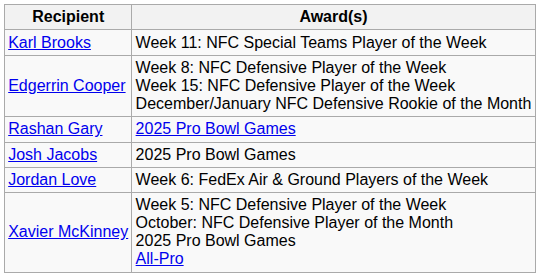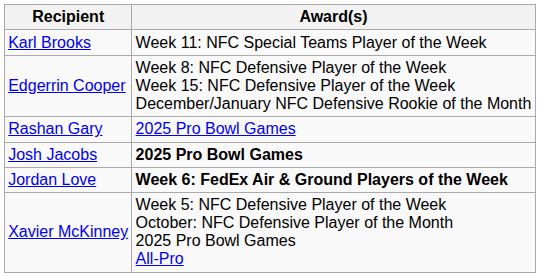 <table class="wikitable">
 <tr>
 <th>Recipient</th>
 <th>Award(s)</th>
 </tr>
 <tr>
 <td><a href='#'>Karl Brooks</a></td>
 <td>Week 11: NFC Special Teams Player of the Week</td>
 </tr>
 <tr>
 <td><a href='#'>Edgerrin Cooper</a></td>
 <td>Week 8: NFC Defensive Player of the Week<br>Week 15: NFC Defensive Player of the Week<br>December/January NFC Defensive Rookie of the Month</td>
 </tr>
 <tr>
 <td><a href='#'>Rashan Gary</a></td>
 <td><a href='#'>2025 Pro Bowl Games</a></td>
 </tr>
 <tr>
 <td><a href='#'>Josh Jacobs</a></td>
-<td>2025 Pro Bowl Games</td>
+<td><strong>2025 Pro Bowl Games</strong></td>
 </tr>
 <tr>
 <td><a href='#'>Jordan Love</a></td>
-<td>Week 6: FedEx Air & Ground Players of the Week</td>
+<td><strong>Week 6: FedEx Air & Ground Players of the Week</strong></td>
 </tr>
 <tr>
 <td><a href='#'>Xavier McKinney</a></td>
 <td>Week 5: NFC Defensive Player of the Week<br>October: NFC Defensive Player of the Month<br>2025 Pro Bowl Games<br><a href='#'>All-Pro</a></td>
 </tr>
 </table>
